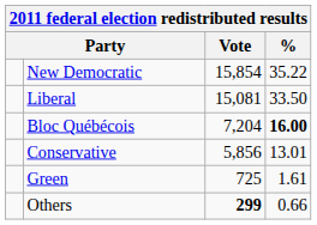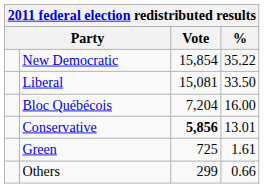 <table class="wikitable">
 <tr>
 <th colspan="4"><a href='#'>2011 federal election</a> redistributed results</th>
 </tr>
 <tr>
 <th bgcolor="#DDDDFF" width="130px" colspan="2">Party</th>
 <th bgcolor="#DDDDFF" width="50px">Vote</th>
 <th bgcolor="#DDDDFF" width="30px">%</th>
 </tr>
 <tr>
 <td> </td>
 <td><a href='#'>New Democratic</a></td>
 <td align=right>15,854</td>
 <td align=right>35.22</td>
 </tr>
 <tr>
 <td> </td>
 <td><a href='#'>Liberal</a></td>
 <td align=right>15,081</td>
 <td align=right>33.50</td>
 </tr>
 <tr>
 <td> </td>
 <td><a href='#'>Bloc Québécois</a></td>
 <td align=right>7,204</td>
-<td align=right><strong>16.00</strong></td>
+<td align=right>16.00</td>
 </tr>
 <tr>
 <td> </td>
 <td><a href='#'>Conservative</a></td>
-<td align=right>5,856</td>
+<td align=right><strong>5,856</strong></td>
 <td align=right>13.01</td>
 </tr>
 <tr>
 <td> </td>
 <td><a href='#'>Green</a></td>
 <td align=right>725</td>
 <td align=right>1.61</td>
 </tr>
 <tr>
 <td> </td>
 <td>Others</td>
-<td align=right><strong>299</strong></td>
+<td align=right>299</td>
 <td align=right>0.66</td>
 </tr>
 </table>
